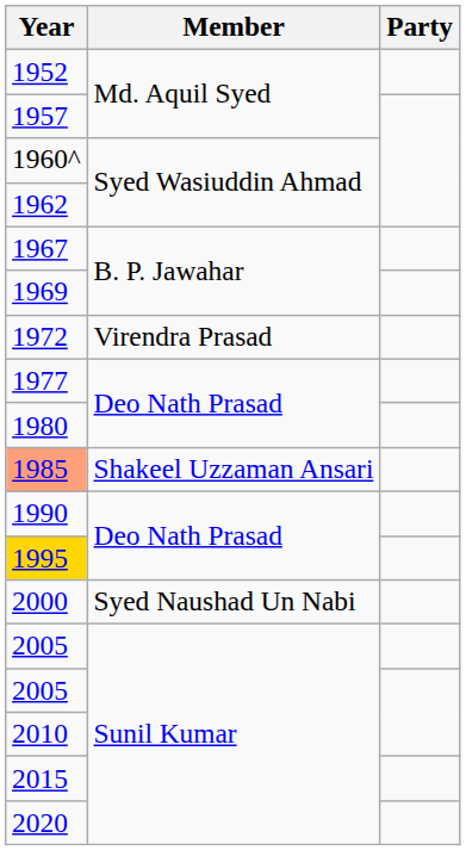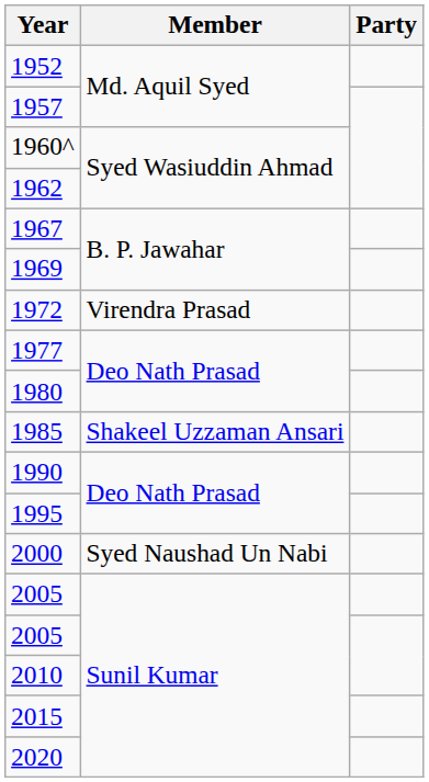 <table class="wikitable sortable">
 <tr>
 <th>Year</th>
 <th>Member</th>
 <th colspan="2">Party</th>
 </tr>
 <tr>
 <td><a href='#'>1952</a></td>
 <td rowspan="2">Md. Aquil Syed</td>
 <td></td>
 </tr>
 <tr>
 <td><a href='#'>1957</a></td>
 </tr>
 <tr>
 <td>1960^</td>
 <td rowspan="2">Syed Wasiuddin Ahmad</td>
 </tr>
 <tr>
 <td><a href='#'>1962</a></td>
 </tr>
 <tr>
 <td><a href='#'>1967</a></td>
 <td rowspan="2">B. P. Jawahar</td>
 <td></td>
 </tr>
 <tr>
 <td><a href='#'>1969</a></td>
 </tr>
 <tr>
 <td><a href='#'>1972</a></td>
 <td>Virendra Prasad</td>
 <td></td>
 </tr>
 <tr>
 <td><a href='#'>1977</a></td>
 <td rowspan="2"><a href='#'>Deo Nath Prasad</a></td>
 <td></td>
 </tr>
 <tr>
 <td><a href='#'>1980</a></td>
 </tr>
 <tr>
-<td style="background: lightsalmon;"><a href='#'>1985</a></td>
+<td><a href='#'>1985</a></td>
 <td><a href='#'>Shakeel Uzzaman Ansari</a></td>
 <td></td>
 </tr>
 <tr>
 <td><a href='#'>1990</a></td>
 <td rowspan="2"><a href='#'>Deo Nath Prasad</a></td>
 <td></td>
 </tr>
 <tr>
-<td style="background: gold;"><a href='#'>1995</a></td>
+<td><a href='#'>1995</a></td>
 <td></td>
 </tr>
 <tr>
 <td><a href='#'>2000</a></td>
 <td>Syed Naushad Un Nabi</td>
 <td></td>
 </tr>
 <tr>
 <td><a href='#'>2005</a></td>
 <td rowspan="5"><a href='#'>Sunil Kumar</a></td>
 <td></td>
 </tr>
 <tr>
 <td><a href='#'>2005</a></td>
 </tr>
 <tr>
 <td><a href='#'>2010</a></td>
 </tr>
 <tr>
 <td><a href='#'>2015</a></td>
 <td></td>
 </tr>
 <tr>
 <td><a href='#'>2020</a></td>
 </tr>
 </table>
